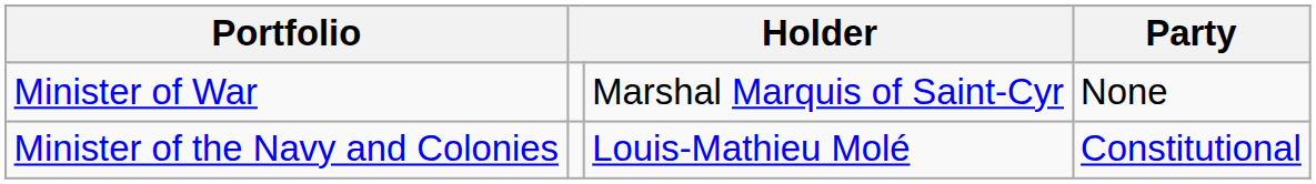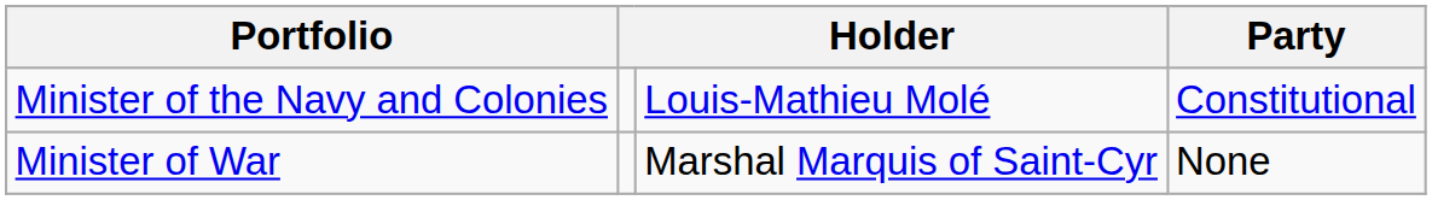 <table class="wikitable">
 <tr>
 <th>Portfolio</th>
 <th colspan=2>Holder</th>
 <th>Party</th>
 </tr>
 <tr>
+<td><a href='#'>Minister of the Navy and Colonies</a></td>
+<td style="background:"></td>
+<td><a href='#'>Louis-Mathieu Molé</a></td>
+<td><a href='#'>Constitutional</a></td>
+</tr>
+<tr>
 <td><a href='#'>Minister of War</a></td>
 <td style="background:"></td>
 <td>Marshal <a href='#'>Marquis of Saint-Cyr</a></td>
 <td>None</td>
 </tr>
-<tr>
-<td><a href='#'>Minister of the Navy and Colonies</a></td>
-<td style="background:"></td>
-<td><a href='#'>Louis-Mathieu Molé</a></td>
-<td><a href='#'>Constitutional</a></td>
-</tr>
 </table>
